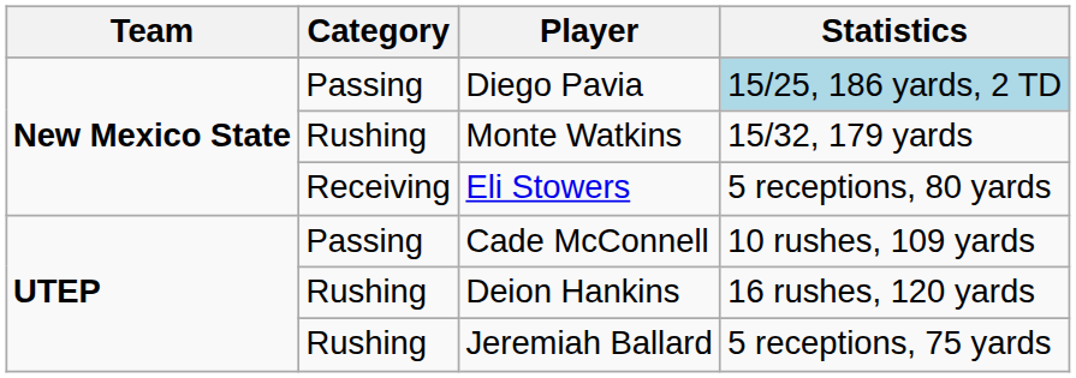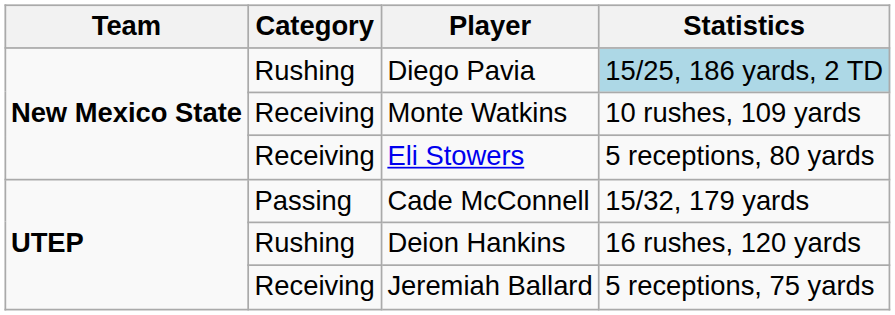 <table class="wikitable" style="float: right;">
 <tr>
 <th>Team</th>
 <th>Category</th>
 <th>Player</th>
 <th>Statistics</th>
 </tr>
 <tr>
 <td rowspan=3><strong>New Mexico State</strong></td>
-<td>Passing</td>
+<td>Rushing</td>
 <td>Diego Pavia</td>
 <td style="background: lightblue;">15/25, 186 yards, 2 TD</td>
 </tr>
 <tr>
-<td>Rushing</td>
+<td>Receiving</td>
 <td>Monte Watkins</td>
-<td>15/32, 179 yards</td>
+<td>10 rushes, 109 yards</td>
 </tr>
 <tr>
 <td>Receiving</td>
 <td><a href='#'>Eli Stowers</a></td>
 <td>5 receptions, 80 yards</td>
 </tr>
 <tr>
 <td rowspan=3><strong>UTEP</strong></td>
 <td>Passing</td>
 <td>Cade McConnell</td>
-<td>10 rushes, 109 yards</td>
+<td>15/32, 179 yards</td>
 </tr>
 <tr>
 <td>Rushing</td>
 <td>Deion Hankins</td>
 <td>16 rushes, 120 yards</td>
 </tr>
 <tr>
-<td>Rushing</td>
+<td>Receiving</td>
 <td>Jeremiah Ballard</td>
 <td>5 receptions, 75 yards</td>
 </tr>
 </table>
